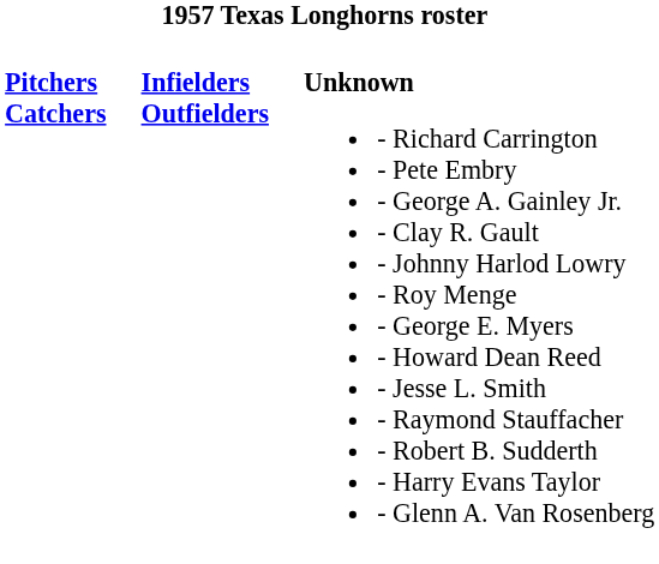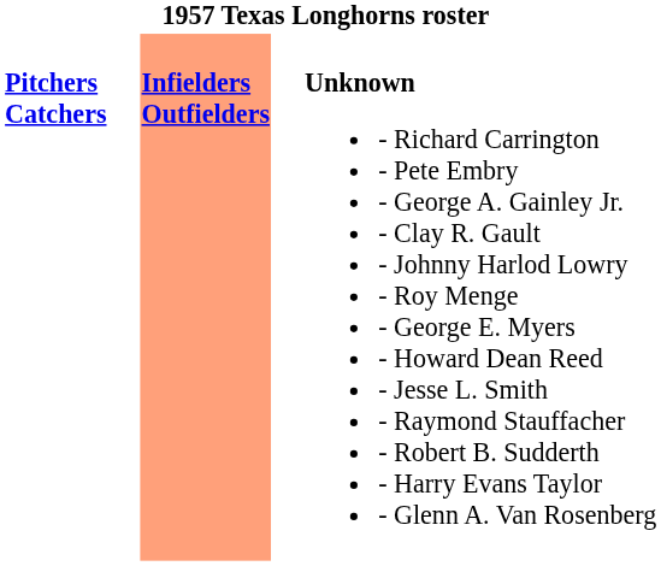 <table class="toccolours" style="border-collapse:collapse; font-size:90%;">
 <tr>
 <th colspan=9>1957 Texas Longhorns roster</th>
 </tr>
 <tr>
 <td width="03"> </td>
 <td valign="top"><br><strong><a href='#'>Pitchers</a></strong><br><strong><a href='#'>Catchers</a></strong></td>
 <td width="15"> </td>
-<td valign="top"><br><strong><a href='#'>Infielders</a></strong><br><strong><a href='#'>Outfielders</a></strong></td>
+<td valign="top" style="background: lightsalmon;"><br><strong><a href='#'>Infielders</a></strong><br><strong><a href='#'>Outfielders</a></strong></td>
 <td width="15"> </td>
 <td valign="top"><br><strong>Unknown</strong><ul><li>- Richard Carrington</li><li>- Pete Embry</li><li>- George A. Gainley Jr.</li><li>- Clay R. Gault</li><li>- Johnny Harlod Lowry</li><li>- Roy Menge</li><li>- George E. Myers</li><li>- Howard Dean Reed</li><li>- Jesse L. Smith</li><li>- Raymond Stauffacher</li><li>- Robert B. Sudderth</li><li>- Harry Evans Taylor</li><li>- Glenn A. Van Rosenberg</li></ul></td>
 </tr>
 </table>
